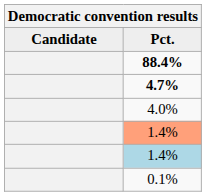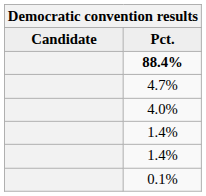 <table class="wikitable plainrowheaders">
 <tr>
 <th colspan="2" >Democratic convention results</th>
 </tr>
 <tr style="background:#eee; text-align:center;">
 <td style="text-align:center;"><strong>Candidate</strong></td>
 <td style="text-align:center;"><strong>Pct.</strong></td>
 </tr>
 <tr>
 <th scope="row"></th>
 <td style="text-align:center;"><strong>88.4%</strong></td>
 </tr>
 <tr>
 <th scope="row"></th>
-<td style="text-align:center;"><strong>4.7%</strong></td>
+<td style="text-align:center;">4.7%</td>
 </tr>
 <tr>
 <th scope="row"></th>
 <td style="text-align:center;">4.0%</td>
 </tr>
 <tr>
 <th scope="row"></th>
-<td style="background: lightsalmon; text-align:center;">1.4%</td>
+<td style="text-align:center;">1.4%</td>
 </tr>
 <tr>
 <th scope="row"></th>
-<td style="background: lightblue; text-align:center;">1.4%</td>
+<td style="text-align:center;">1.4%</td>
 </tr>
 <tr>
 <th scope="row"></th>
 <td style="text-align:center;">0.1%</td>
 </tr>
 </table>
